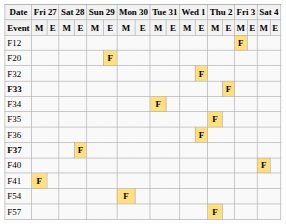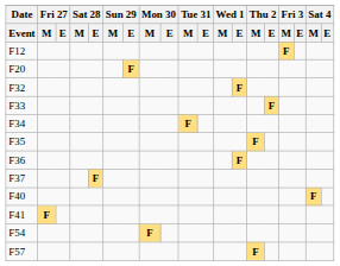 <table class="wikitable" style="margin:0.5em auto; font-size:90%; line-height:1.25em;">
 <tr align="center">
 </tr>
 <tr>
 <th>Date</th>
 <th colspan="2">Fri 27</th>
 <th colspan="2">Sat 28</th>
 <th colspan="2">Sun 29</th>
 <th colspan="2">Mon 30</th>
 <th colspan="2">Tue 31</th>
 <th colspan="2">Wed 1</th>
 <th colspan="2">Thu 2</th>
 <th colspan="2">Fri 3</th>
 <th colspan="2">Sat 4</th>
 </tr>
 <tr>
 <th>Event</th>
 <th>M</th>
 <th>E</th>
 <th>M</th>
 <th>E</th>
 <th>M</th>
 <th>E</th>
 <th>M</th>
 <th>E</th>
 <th>M</th>
 <th>E</th>
 <th>M</th>
 <th>E</th>
 <th>M</th>
 <th>E</th>
 <th>M</th>
 <th>E</th>
 <th>M</th>
 <th>E</th>
 </tr>
 <tr align="center">
 <td align="left">F12</td>
 <td colspan="2"></td>
 <td colspan="2"></td>
 <td colspan="2"></td>
 <td colspan="2"></td>
 <td colspan="2"></td>
 <td colspan="2"></td>
 <td colspan="2"></td>
 <td bgcolor="#FFDF80"><strong>F</strong></td>
 <td></td>
 <td colspan="2"></td>
 </tr>
 <tr align="center">
 <td align="left">F20</td>
 <td colspan="2"></td>
 <td colspan="2"></td>
 <td></td>
 <td bgcolor="#FFDF80"><strong>F</strong></td>
 <td colspan="2"></td>
 <td colspan="2"></td>
 <td colspan="2"></td>
 <td colspan="2"></td>
 <td colspan="2"></td>
 <td colspan="2"></td>
 </tr>
 <tr align="center">
 <td align="left">F32</td>
 <td colspan="2"></td>
 <td colspan="2"></td>
 <td colspan="2"></td>
 <td colspan="2"></td>
 <td colspan="2"></td>
 <td></td>
 <td bgcolor="#FFDF80"><strong>F</strong></td>
 <td colspan="2"></td>
 <td colspan="2"></td>
 <td colspan="2"></td>
 </tr>
 <tr align="center">
-<td align="left"><strong>F33</strong></td>
+<td align="left">F33</td>
 <td colspan="2"></td>
 <td colspan="2"></td>
 <td colspan="2"></td>
 <td colspan="2"></td>
 <td colspan="2"></td>
 <td colspan="2"></td>
 <td></td>
 <td bgcolor="#FFDF80"><strong>F</strong></td>
 <td colspan="2"></td>
 <td colspan="2"></td>
 </tr>
 <tr align="center">
 <td align="left">F34</td>
 <td colspan="2"></td>
 <td colspan="2"></td>
 <td colspan="2"></td>
 <td colspan="2"></td>
 <td bgcolor="#FFDF80"><strong>F</strong></td>
 <td></td>
 <td colspan="2"></td>
 <td colspan="2"></td>
 <td colspan="2"></td>
 <td colspan="2"></td>
 </tr>
 <tr align="center">
 <td align="left">F35</td>
 <td colspan="2"></td>
 <td colspan="2"></td>
 <td colspan="2"></td>
 <td colspan="2"></td>
 <td colspan="2"></td>
 <td colspan="2"></td>
 <td bgcolor="#FFDF80"><strong>F</strong></td>
 <td></td>
 <td colspan="2"></td>
 <td colspan="2"></td>
 </tr>
 <tr align="center">
 <td align="left">F36</td>
 <td colspan="2"></td>
 <td colspan="2"></td>
 <td colspan="2"></td>
 <td colspan="2"></td>
 <td colspan="2"></td>
 <td></td>
 <td bgcolor="#FFDF80"><strong>F</strong></td>
 <td colspan="2"></td>
 <td colspan="2"></td>
 <td colspan="2"></td>
 </tr>
 <tr align="center">
-<td align="left"><strong>F37</strong></td>
+<td align="left">F37</td>
 <td colspan="2"></td>
 <td></td>
 <td bgcolor="#FFDF80"><strong>F</strong></td>
 <td colspan="2"></td>
 <td colspan="2"></td>
 <td colspan="2"></td>
 <td colspan="2"></td>
 <td colspan="2"></td>
 <td colspan="2"></td>
 <td colspan="2"></td>
 </tr>
 <tr align="center">
 <td align="left">F40</td>
 <td colspan="2"></td>
 <td colspan="2"></td>
 <td colspan="2"></td>
 <td colspan="2"></td>
 <td colspan="2"></td>
 <td colspan="2"></td>
 <td colspan="2"></td>
 <td colspan="2"></td>
 <td bgcolor="#FFDF80"><strong>F</strong></td>
 <td></td>
 </tr>
 <tr align="center">
 <td align="left">F41</td>
 <td bgcolor="#FFDF80"><strong>F</strong></td>
 <td></td>
 <td colspan="2"></td>
 <td colspan="2"></td>
 <td colspan="2"></td>
 <td colspan="2"></td>
 <td colspan="2"></td>
 <td colspan="2"></td>
 <td colspan="2"></td>
 <td colspan="2"></td>
 </tr>
 <tr align="center">
 <td align="left">F54</td>
 <td colspan="2"></td>
 <td colspan="2"></td>
 <td colspan="2"></td>
 <td bgcolor="#FFDF80"><strong>F</strong></td>
 <td></td>
 <td colspan="2"></td>
 <td colspan="2"></td>
 <td colspan="2"></td>
 <td colspan="2"></td>
 <td colspan="2"></td>
 </tr>
 <tr align="center">
 <td align="left">F57</td>
 <td colspan="2"></td>
 <td colspan="2"></td>
 <td colspan="2"></td>
 <td colspan="2"></td>
 <td colspan="2"></td>
 <td colspan="2"></td>
 <td bgcolor="#FFDF80"><strong>F</strong></td>
 <td></td>
 <td colspan="2"></td>
 <td colspan="2"></td>
 </tr>
 </table>
